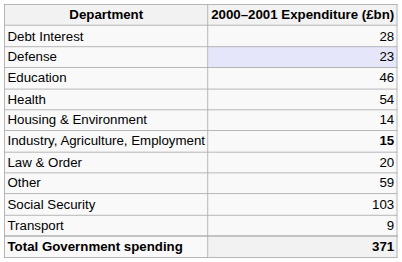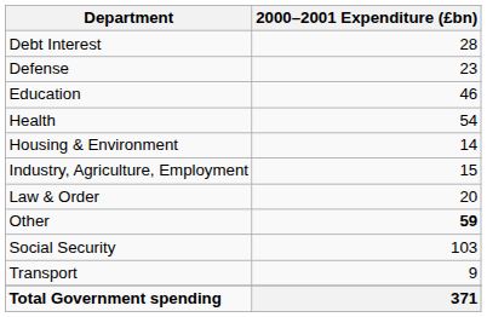 <table class="wikitable sortable">
 <tr>
 <th>Department</th>
 <th style="text-align: right">2000–2001 Expenditure (£bn)</th>
 </tr>
 <tr>
 <td>Debt Interest</td>
 <td style="text-align: right">28</td>
 </tr>
 <tr>
 <td>Defense</td>
-<td style="background: lavender; text-align: right">23</td>
+<td style="text-align: right">23</td>
 </tr>
 <tr>
 <td>Education</td>
 <td style="text-align: right">46</td>
 </tr>
 <tr>
 <td>Health</td>
 <td style="text-align: right">54</td>
 </tr>
 <tr>
 <td>Housing & Environment</td>
 <td style="text-align: right">14</td>
 </tr>
 <tr>
 <td>Industry, Agriculture,  Employment</td>
-<td style="text-align: right"><strong>15</strong></td>
+<td style="text-align: right">15</td>
 </tr>
 <tr>
 <td>Law & Order</td>
 <td style="text-align: right">20</td>
 </tr>
 <tr>
 <td>Other</td>
-<td style="text-align: right">59</td>
+<td style="text-align: right"><strong>59</strong></td>
 </tr>
 <tr>
 <td>Social Security</td>
 <td style="text-align: right">103</td>
 </tr>
 <tr>
 <td>Transport</td>
 <td style="text-align: right">9</td>
 </tr>
 <tr>
 </tr>
 <tr class="sortbottom">
 <td style="text-align: left"><strong>Total Government spending</strong></td>
 <th style="text-align: right">371</th>
 </tr>
 </table>
